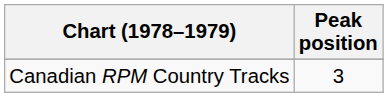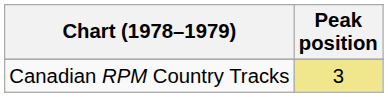 <table class="wikitable sortable">
 <tr>
 <th align="left">Chart (1978–1979)</th>
 <th align="center">Peak <br> position</th>
 </tr>
 <tr>
 </tr>
 <tr>
 <td align="left">Canadian <em>RPM</em> Country Tracks</td>
-<td align="center">3</td>
+<td align="center" style="background: khaki;">3</td>
 </tr>
 </table>
